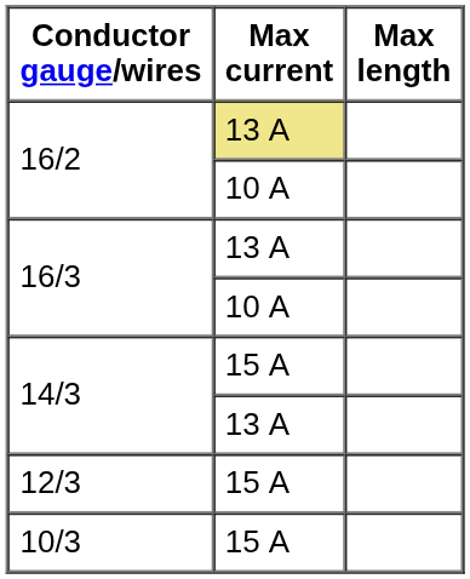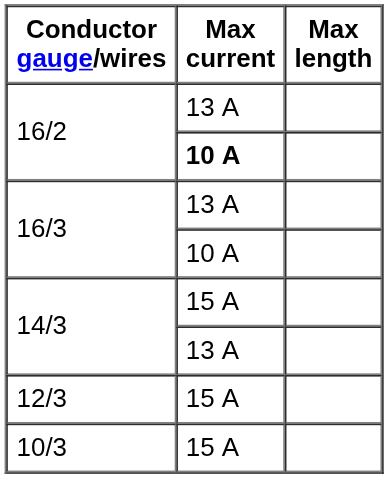 <table style="float: right; margin-left: 1em;" border="1" cellspacing="0" cellpadding="5">
 <tr>
 <th>Conductor<br><a href='#'>gauge</a>/wires</th>
 <th>Max<br>current</th>
 <th colspan=2>Max<br>length</th>
 </tr>
 <tr>
 <td rowspan="2">16/2</td>
-<td style="background: khaki;">13 A</td>
+<td>13 A</td>
 <td></td>
 </tr>
 <tr>
-<td>10 A</td>
+<td><strong>10 A</strong></td>
 <td></td>
 </tr>
 <tr>
 <td rowspan="2">16/3</td>
 <td>13 A</td>
 <td></td>
 </tr>
 <tr>
 <td>10 A</td>
 <td></td>
 </tr>
 <tr>
 <td rowspan="2">14/3</td>
 <td>15 A</td>
 <td></td>
 </tr>
 <tr>
 <td>13 A</td>
 <td></td>
 </tr>
 <tr>
 <td>12/3</td>
 <td>15 A</td>
 <td></td>
 </tr>
 <tr>
 <td>10/3</td>
 <td>15 A</td>
 <td></td>
 </tr>
 <tr>
 </tr>
 </table>
